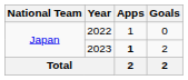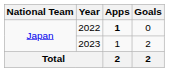 <table class="wikitable" style="text-align:center">
 <tr>
 <th>National Team</th>
 <th>Year</th>
 <th>Apps</th>
 <th>Goals</th>
 </tr>
 <tr>
 <td rowspan="2"><a href='#'>Japan</a></td>
 <td>2022</td>
-<td>1</td>
+<td><strong>1</strong></td>
 <td>0</td>
 </tr>
 <tr>
 <td>2023</td>
-<td><strong>1</strong></td>
+<td>1</td>
 <td>2</td>
 </tr>
 <tr>
 <th colspan="2">Total</th>
 <th>2</th>
 <th>2</th>
 </tr>
 </table>
